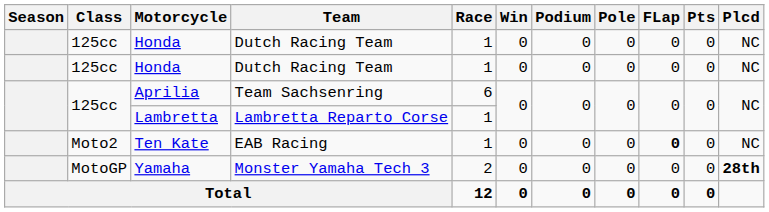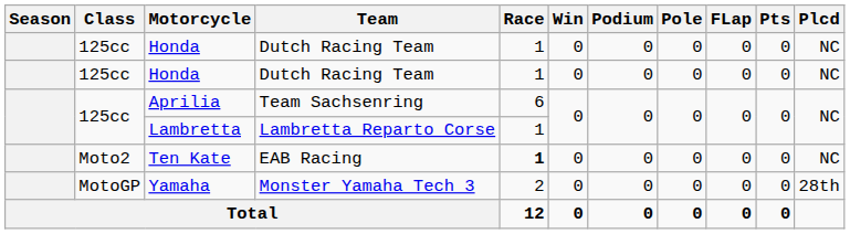 <table class="wikitable" style=text-align:right;">
 <tr>
 <th>Season</th>
 <th>Class</th>
 <th>Motorcycle</th>
 <th>Team</th>
 <th>Race</th>
 <th>Win</th>
 <th>Podium</th>
 <th>Pole</th>
 <th>FLap</th>
 <th>Pts</th>
 <th>Plcd</th>
 </tr>
 <tr>
 <th></th>
 <td style="text-align:left;">125cc</td>
 <td style="text-align:left;"><a href='#'>Honda</a></td>
 <td style="text-align:left;">Dutch Racing Team</td>
 <td>1</td>
 <td>0</td>
 <td>0</td>
 <td>0</td>
 <td>0</td>
 <td>0</td>
 <td>NC</td>
 </tr>
 <tr>
 <th></th>
 <td style="text-align:left;">125cc</td>
 <td style="text-align:left;"><a href='#'>Honda</a></td>
 <td style="text-align:left;">Dutch Racing Team</td>
 <td>1</td>
 <td>0</td>
 <td>0</td>
 <td>0</td>
 <td>0</td>
 <td>0</td>
 <td>NC</td>
 </tr>
 <tr>
 <th rowspan="2"></th>
 <td style="text-align:left;" rowspan="2">125cc</td>
 <td style="text-align:left;"><a href='#'>Aprilia</a></td>
 <td style="text-align:left;">Team Sachsenring</td>
 <td>6</td>
 <td rowspan="2">0</td>
 <td rowspan="2">0</td>
 <td rowspan="2">0</td>
 <td rowspan="2">0</td>
 <td rowspan="2">0</td>
 <td rowspan="2">NC</td>
 </tr>
 <tr>
 <td style="text-align:left;"><a href='#'>Lambretta</a></td>
 <td style="text-align:left;"><a href='#'>Lambretta Reparto Corse</a></td>
 <td>1</td>
 </tr>
 <tr>
 <th></th>
 <td style="text-align:left;">Moto2</td>
 <td style="text-align:left;"><a href='#'>Ten Kate</a></td>
 <td style="text-align:left;">EAB Racing</td>
-<td>1</td>
+<td><strong>1</strong></td>
 <td>0</td>
 <td>0</td>
 <td>0</td>
-<td><strong>0</strong></td>
+<td>0</td>
 <td>0</td>
 <td>NC</td>
 </tr>
 <tr>
 <th></th>
 <td style="text-align:left;">MotoGP</td>
 <td style="text-align:left;"><a href='#'>Yamaha</a></td>
 <td style="text-align:left;"><a href='#'>Monster Yamaha Tech 3</a></td>
 <td>2</td>
 <td>0</td>
 <td>0</td>
 <td>0</td>
 <td>0</td>
 <td>0</td>
-<td><strong>28th</strong></td>
+<td>28th</td>
 </tr>
 <tr>
 <th colspan="4">Total</th>
 <td><strong>12</strong></td>
 <td><strong>0</strong></td>
 <td><strong>0</strong></td>
 <td><strong>0</strong></td>
 <td><strong>0</strong></td>
 <td><strong>0</strong></td>
 <td></td>
 </tr>
 </table>
